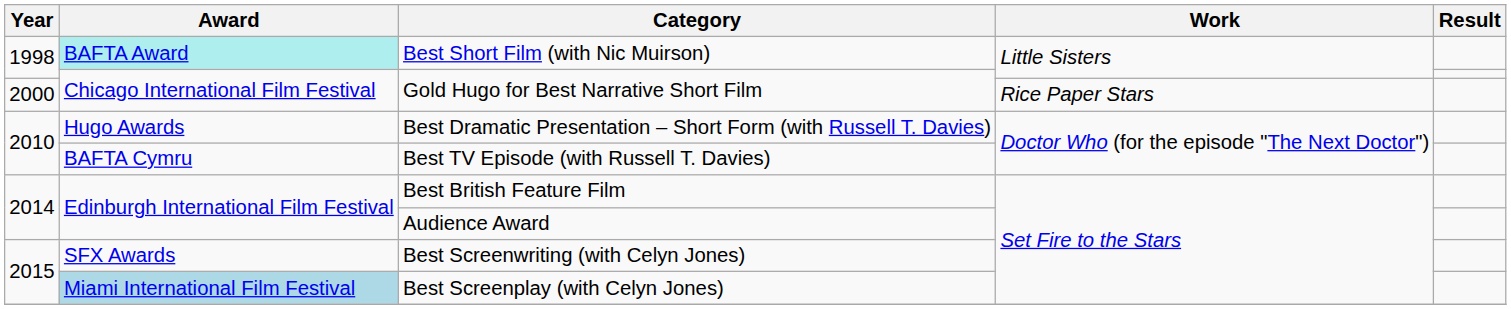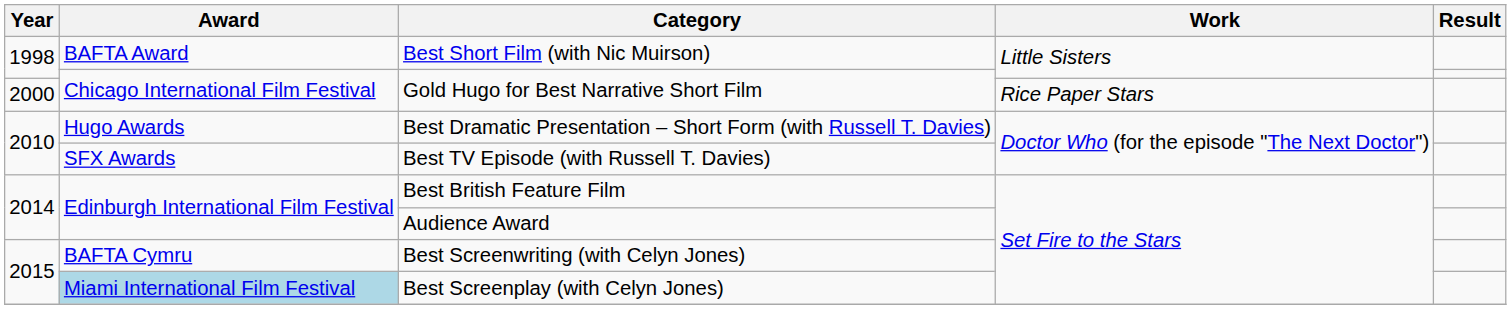 <table class="wikitable">
 <tr>
 <th>Year</th>
 <th>Award</th>
 <th>Category</th>
 <th>Work</th>
 <th>Result</th>
 </tr>
 <tr>
 <td rowspan="2">1998</td>
-<td style="background: paleturquoise;"><a href='#'>BAFTA Award</a></td>
+<td><a href='#'>BAFTA Award</a></td>
 <td><a href='#'>Best Short Film</a> (with Nic Muirson)</td>
 <td rowspan="2'"><em>Little Sisters</em></td>
 <td></td>
 </tr>
 <tr>
 <td rowspan="2"><a href='#'>Chicago International Film Festival</a></td>
 <td rowspan="2">Gold Hugo for Best Narrative Short Film</td>
 <td></td>
 </tr>
 <tr>
 <td>2000</td>
 <td><em>Rice Paper Stars</em></td>
 <td></td>
 </tr>
 <tr>
 <td rowspan="2">2010</td>
 <td><a href='#'>Hugo Awards</a></td>
 <td>Best Dramatic Presentation – Short Form (with <a href='#'>Russell T. Davies</a>)</td>
 <td rowspan="2"><em><a href='#'>Doctor Who</a></em> (for the episode "<a href='#'>The Next Doctor</a>")</td>
 <td></td>
 </tr>
 <tr>
-<td><a href='#'>BAFTA Cymru</a></td>
+<td><a href='#'>SFX Awards</a></td>
 <td>Best TV Episode (with Russell T. Davies)</td>
 <td></td>
 </tr>
 <tr>
 <td rowspan="2">2014</td>
 <td rowspan="2"><a href='#'>Edinburgh International Film Festival</a></td>
 <td>Best British Feature Film</td>
 <td rowspan="4"><em><a href='#'>Set Fire to the Stars</a></em></td>
 <td></td>
 </tr>
 <tr>
 <td>Audience Award</td>
 <td></td>
 </tr>
 <tr>
 <td rowspan="2">2015</td>
-<td><a href='#'>SFX Awards</a></td>
+<td><a href='#'>BAFTA Cymru</a></td>
 <td>Best Screenwriting (with Celyn Jones)</td>
 <td></td>
 </tr>
 <tr>
 <td style="background: lightblue;"><a href='#'>Miami International Film Festival</a></td>
 <td>Best Screenplay (with Celyn Jones)</td>
 <td></td>
 </tr>
 <tr>
 </tr>
 </table>
